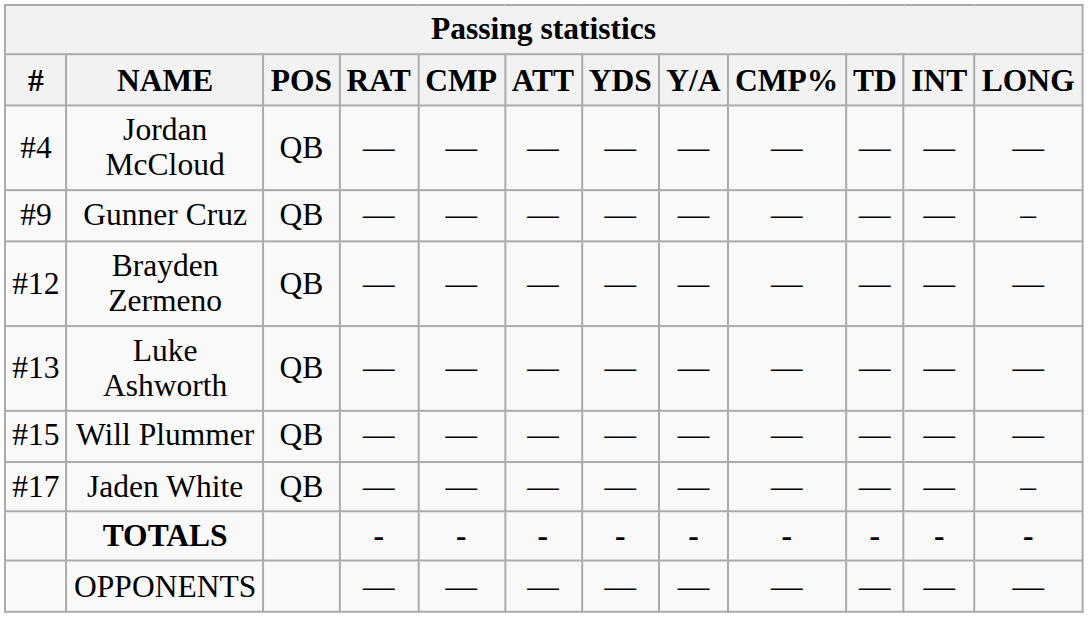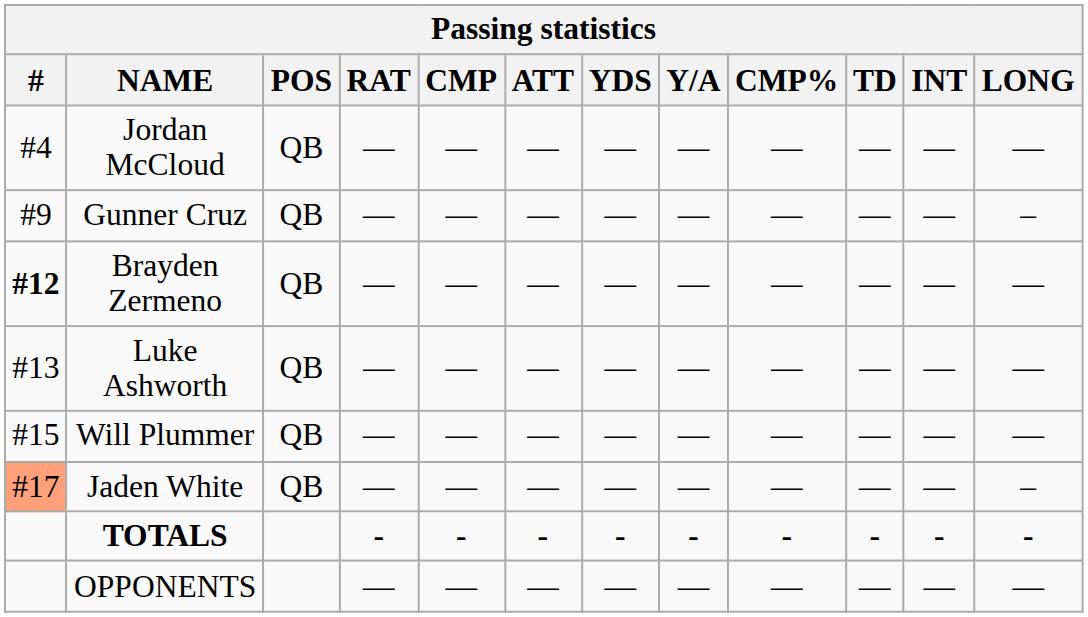 <table style="width:60%; text-align:center;" class="wikitable collapsible collapsed">
 <tr>
 <th colspan="12">Passing statistics</th>
 </tr>
 <tr>
 <th>#</th>
 <th>NAME</th>
 <th>POS</th>
 <th>RAT</th>
 <th>CMP</th>
 <th>ATT</th>
 <th>YDS</th>
 <th>Y/A</th>
 <th>CMP%</th>
 <th>TD</th>
 <th>INT</th>
 <th>LONG</th>
 </tr>
 <tr>
 <td>#4</td>
 <td>Jordan McCloud</td>
 <td>QB</td>
 <td>—</td>
 <td>—</td>
 <td>—</td>
 <td>—</td>
 <td>—</td>
 <td>—</td>
 <td>—</td>
 <td>—</td>
 <td>—</td>
 </tr>
 <tr>
 <td>#9</td>
 <td>Gunner Cruz</td>
 <td>QB</td>
 <td>—</td>
 <td>—</td>
 <td>—</td>
 <td>—</td>
 <td>—</td>
 <td>—</td>
 <td>—</td>
 <td>—</td>
 <td>–</td>
 </tr>
 <tr>
-<td>#12</td>
+<td><strong>#12</strong></td>
 <td>Brayden Zermeno</td>
 <td>QB</td>
 <td>—</td>
 <td>—</td>
 <td>—</td>
 <td>—</td>
 <td>—</td>
 <td>—</td>
 <td>—</td>
 <td>—</td>
 <td>—</td>
 </tr>
 <tr>
 <td>#13</td>
 <td>Luke Ashworth</td>
 <td>QB</td>
 <td>—</td>
 <td>—</td>
 <td>—</td>
 <td>—</td>
 <td>—</td>
 <td>—</td>
 <td>—</td>
 <td>—</td>
 <td>—</td>
 </tr>
 <tr>
 <td>#15</td>
 <td>Will Plummer</td>
 <td>QB</td>
 <td>—</td>
 <td>—</td>
 <td>—</td>
 <td>—</td>
 <td>—</td>
 <td>—</td>
 <td>—</td>
 <td>—</td>
 <td>—</td>
 </tr>
 <tr>
-<td>#17</td>
+<td style="background: lightsalmon;">#17</td>
 <td>Jaden White</td>
 <td>QB</td>
 <td>—</td>
 <td>—</td>
 <td>—</td>
 <td>—</td>
 <td>—</td>
 <td>—</td>
 <td>—</td>
 <td>—</td>
 <td>–</td>
 </tr>
 <tr>
 <td></td>
 <td><strong>TOTALS</strong></td>
 <td></td>
 <td><strong>-</strong></td>
 <td><strong>-</strong></td>
 <td><strong>-</strong></td>
 <td><strong>-</strong></td>
 <td><strong>-</strong></td>
 <td><strong>-</strong></td>
 <td><strong>-</strong></td>
 <td><strong>-</strong></td>
 <td><strong>-</strong></td>
 </tr>
 <tr>
 <td></td>
 <td>OPPONENTS</td>
 <td></td>
 <td>—</td>
 <td>—</td>
 <td>—</td>
 <td>—</td>
 <td>—</td>
 <td>—</td>
 <td>—</td>
 <td>—</td>
 <td>—</td>
 </tr>
 </table>
